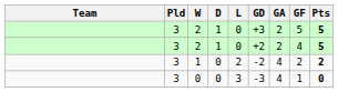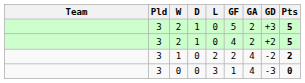 <table class="wikitable" style="text-align:center">
 <tr>
 <th width=200>Team</th>
 <th width=20>Pld</th>
 <th width=20>W</th>
 <th width=20>D</th>
 <th width=20>L</th>
+<th width=20>GF</th>
+<th width=20>GA</th>
 <th width=20>GD</th>
-<th width=20>GA</th>
-<th width=20>GF</th>
 <th width=20>Pts</th>
 </tr>
 <tr style=background:#ccffcc>
 <td style="text-align:left;"></td>
 <td>3</td>
 <td>2</td>
 <td>1</td>
 <td>0</td>
+<td>5</td>
+<td>2</td>
 <td>+3</td>
-<td>2</td>
-<td>5</td>
 <td><strong>5</strong></td>
 </tr>
 <tr style=background:#ccffcc>
 <td style="text-align:left;"></td>
 <td>3</td>
 <td>2</td>
 <td>1</td>
 <td>0</td>
+<td>4</td>
+<td>2</td>
 <td>+2</td>
-<td>2</td>
-<td>4</td>
 <td><strong>5</strong></td>
 </tr>
 <tr>
 <td style="text-align:left;"></td>
 <td>3</td>
 <td>1</td>
 <td>0</td>
 <td>2</td>
+<td>2</td>
+<td>4</td>
 <td>-2</td>
-<td>4</td>
-<td>2</td>
 <td><strong>2</strong></td>
 </tr>
 <tr>
 <td style="text-align:left;"></td>
 <td>3</td>
 <td>0</td>
 <td>0</td>
 <td>3</td>
+<td>1</td>
+<td>4</td>
 <td>-3</td>
-<td>4</td>
-<td>1</td>
 <td><strong>0</strong></td>
 </tr>
 </table>
